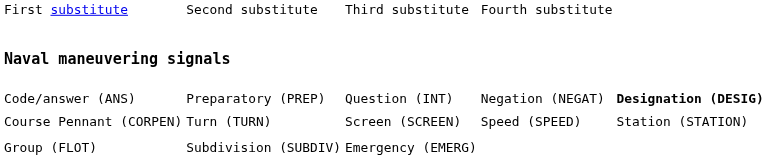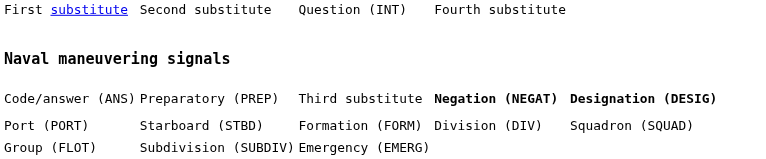 <table>
 <tr>
 <td></td>
 <td></td>
 <td></td>
 <td></td>
 </tr>
 <tr>
 <td>First <a href='#'>substitute</a></td>
 <td>Second substitute</td>
-<td>Third substitute</td>
+<td>Question (INT)</td>
 <td>Fourth substitute</td>
 </tr>
 <tr>
 <td colspan=5><br><h3>Naval maneuvering signals</h3></td>
 </tr>
 <tr>
 <td></td>
 <td></td>
 <td></td>
 <td></td>
 <td></td>
 </tr>
 <tr>
 <td>Code/answer (ANS)</td>
 <td>Preparatory (PREP)</td>
-<td>Question (INT)</td>
-<td>Negation (NEGAT)</td>
+<td>Third substitute</td>
+<td><strong>Negation (NEGAT)</strong></td>
 <td><strong>Designation (DESIG)</strong></td>
-</tr>
-<tr>
-<td></td>
-<td></td>
-<td></td>
-<td></td>
-<td></td>
-</tr>
-<tr>
-<td>Course Pennant (CORPEN)</td>
-<td>Turn (TURN)</td>
-<td>Screen (SCREEN)</td>
-<td>Speed (SPEED)</td>
-<td>Station (STATION)</td>
 </tr>
 <tr>
 <td></td>
 <td></td>
 <td></td>
 <td></td>
 <td></td>
 </tr>
 <tr>
 <td></td>
 <td></td>
 <td></td>
+<td></td>
+<td></td>
+</tr>
+<tr>
+<td>Port (PORT)</td>
+<td>Starboard (STBD)</td>
+<td>Formation (FORM)</td>
+<td>Division (DIV)</td>
+<td>Squadron (SQUAD)</td>
+</tr>
+<tr>
+<td></td>
+<td></td>
+<td></td>
 </tr>
 <tr>
 <td>Group (FLOT)</td>
 <td>Subdivision (SUBDIV)</td>
 <td>Emergency (EMERG)</td>
 </tr>
 </table>
